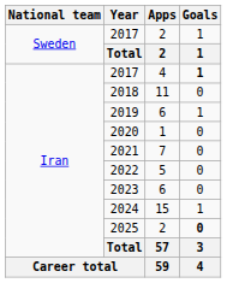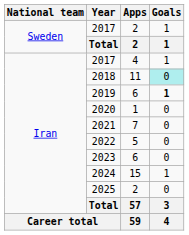 <table class="wikitable" style="text-align:center">
 <tr>
 <th>National team</th>
 <th>Year</th>
 <th>Apps</th>
 <th>Goals</th>
 </tr>
 <tr>
 <td rowspan="2"><a href='#'>Sweden</a></td>
 <td>2017</td>
 <td>2</td>
 <td>1</td>
 </tr>
 <tr>
 <th>Total</th>
 <th>2</th>
 <th>1</th>
 </tr>
 <tr>
 <td rowspan="10"><a href='#'>Iran</a></td>
 <td>2017</td>
 <td>4</td>
-<td><strong>1</strong></td>
+<td>1</td>
 </tr>
 <tr>
 <td>2018</td>
 <td>11</td>
-<td>0</td>
+<td style="background: paleturquoise;">0</td>
 </tr>
 <tr>
 <td>2019</td>
 <td>6</td>
-<td>1</td>
+<td><strong>1</strong></td>
 </tr>
 <tr>
 <td>2020</td>
 <td>1</td>
 <td>0</td>
 </tr>
 <tr>
 <td>2021</td>
 <td>7</td>
 <td>0</td>
 </tr>
 <tr>
 <td>2022</td>
 <td>5</td>
 <td>0</td>
 </tr>
 <tr>
 <td>2023</td>
 <td>6</td>
 <td>0</td>
 </tr>
 <tr>
 <td>2024</td>
 <td>15</td>
 <td>1</td>
 </tr>
 <tr>
 <td>2025</td>
 <td>2</td>
-<td><strong>0</strong></td>
+<td>0</td>
 </tr>
 <tr>
 <th>Total</th>
 <th>57</th>
 <th>3</th>
 </tr>
 <tr>
 <th colspan="2">Career total</th>
 <th>59</th>
 <th>4</th>
 </tr>
 </table>
